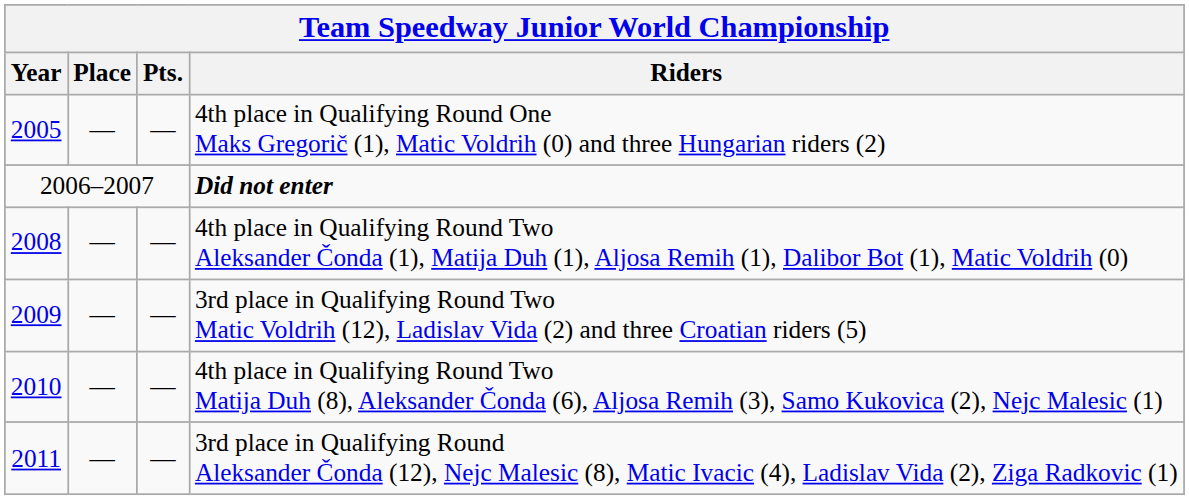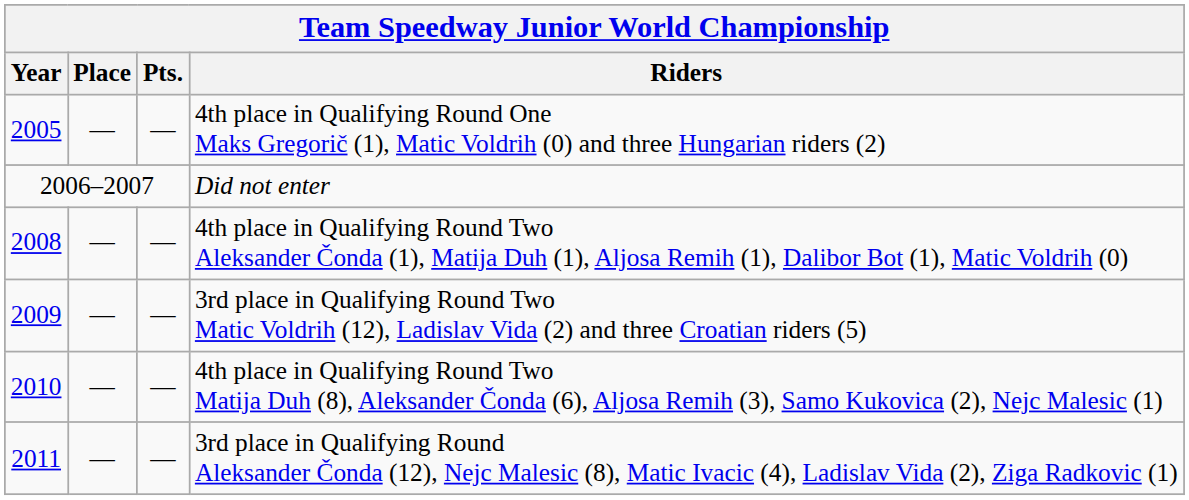 <table class=wikitable style="font-size: 90%;">
 <tr>
 <th colspan=4><big><a href='#'>Team Speedway Junior World Championship</a></big></th>
 </tr>
 <tr>
 <th>Year</th>
 <th>Place</th>
 <th>Pts.</th>
 <th>Riders</th>
 </tr>
 <tr align=center >
 <td><a href='#'>2005</a></td>
 <td>—</td>
 <td>—</td>
 <td align=left>4th place in Qualifying Round One <br> <a href='#'>Maks Gregorič</a> (1), <a href='#'>Matic Voldrih</a> (0) and three <a href='#'>Hungarian</a> riders (2)</td>
 </tr>
 <tr align=center >
 <td colspan=3>2006–2007</td>
-<td align=left><strong><em>Did not enter</em></strong></td>
+<td align=left><em>Did not enter</em></td>
 </tr>
 <tr align=center >
 <td><a href='#'>2008</a></td>
 <td>—</td>
 <td>—</td>
 <td align=left>4th place in Qualifying Round Two<br> <a href='#'>Aleksander Čonda</a> (1), <a href='#'>Matija Duh</a> (1), <a href='#'>Aljosa Remih</a> (1), <a href='#'>Dalibor Bot</a> (1), <a href='#'>Matic Voldrih</a> (0)</td>
 </tr>
 <tr align=center >
 <td><a href='#'>2009</a></td>
 <td>—</td>
 <td>—</td>
 <td align=left>3rd place in Qualifying Round Two <br> <a href='#'>Matic Voldrih</a> (12), <a href='#'>Ladislav Vida</a> (2) and three <a href='#'>Croatian</a> riders (5)</td>
 </tr>
 <tr align=center >
 <td><a href='#'>2010</a></td>
 <td>—</td>
 <td>—</td>
 <td align=left>4th place in Qualifying Round Two<br> <a href='#'>Matija Duh</a> (8), <a href='#'>Aleksander Čonda</a> (6), <a href='#'>Aljosa Remih</a> (3), <a href='#'>Samo Kukovica</a> (2), <a href='#'>Nejc Malesic</a> (1)</td>
 </tr>
 <tr align=center >
 <td><a href='#'>2011</a></td>
 <td>—</td>
 <td>—</td>
 <td align=left>3rd place in Qualifying Round<br> <a href='#'>Aleksander Čonda</a> (12), <a href='#'>Nejc Malesic</a> (8), <a href='#'>Matic Ivacic</a> (4), <a href='#'>Ladislav Vida</a> (2), <a href='#'>Ziga Radkovic</a> (1)</td>
 </tr>
 </table>
